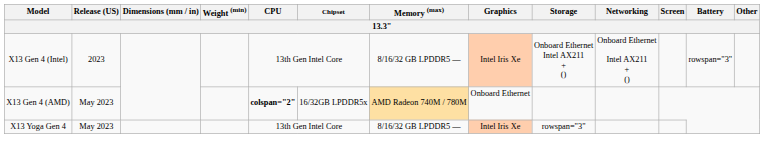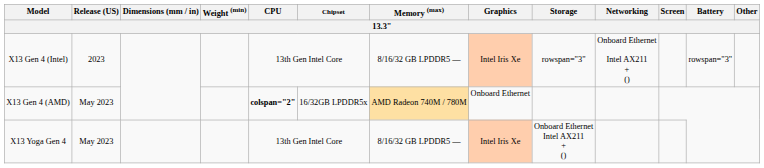 <table class="wikitable" style="font-size: 80%; text-align: center; min-width: 80%;">
 <tr>
 <th>Model</th>
 <th>Release (US)</th>
 <th>Dimensions (mm / in)</th>
 <th>Weight <sup>(min)</sup></th>
 <th>CPU</th>
 <th><small>Chipset</small></th>
 <th>Memory <sup>(max)</sup></th>
 <th>Graphics</th>
 <th>Storage</th>
 <th>Networking</th>
 <th>Screen</th>
 <th>Battery</th>
 <th>Other</th>
 </tr>
 <tr>
 <th colspan="13">13.3"</th>
 </tr>
 <tr>
 <td>X13 Gen 4 (Intel) </td>
 <td>2023</td>
 <td rowspan="2"></td>
 <td></td>
 <td colspan="2" style="background:">13th Gen Intel Core<br></td>
 <td style="background:">8/16/32 GB LPDDR5 — <br></td>
 <td style="background:#ffcead;">Intel Iris Xe</td>
-<td> Onboard Ethernet<br>Intel  AX211 <br>+ <br> ()<br><small></small></td>
+<td>rowspan="3" </td>
 <td> Onboard Ethernet<br><br>Intel  AX211 <br>+ <br> ()<br><small></small></td>
 <td style="background:"><br></td>
 <td>rowspan="3" </td>
 <td></td>
 </tr>
 <tr>
 <td>X13 Gen 4 (AMD) </td>
 <td>May 2023</td>
 <td></td>
 <td><strong>colspan="2" </strong></td>
 <td style="background:">16/32GB LPDDR5x <br></td>
 <td style="background:#fee0a3;">AMD Radeon 740M / 780M</td>
 <td> Onboard Ethernet<br><br><br><small></small></td>
 <td style="background:"><br></td>
 <td></td>
 </tr>
 <tr>
 <td>X13 Yoga Gen 4 </td>
 <td>May 2023</td>
 <td></td>
 <td></td>
 <td colspan="2" style="background:">13th Gen Intel Core<br></td>
 <td style="background:">8/16/32 GB LPDDR5 — <br></td>
 <td style="background:#ffcead;">Intel Iris Xe</td>
-<td>rowspan="3" </td>
+<td> Onboard Ethernet<br>Intel  AX211 <br>+ <br> ()<br><small></small></td>
 <td style="background:"><br></td>
 <td></td>
 </tr>
 </table>
